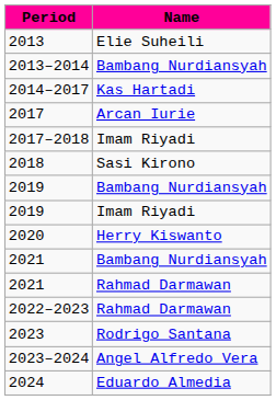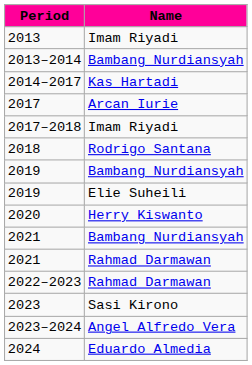 <table class="wikitable">
 <tr>
 <th style="background:#ff0099;"><span>Period</span></th>
 <th style="background:#ff0099"><span>Name</span></th>
 </tr>
 <tr>
 <td>2013</td>
-<td> Elie Suheili</td>
+<td> Imam Riyadi</td>
 </tr>
 <tr>
 <td>2013–2014</td>
 <td> <a href='#'>Bambang Nurdiansyah</a></td>
 </tr>
 <tr>
 <td>2014–2017</td>
 <td> <a href='#'>Kas Hartadi</a></td>
 </tr>
 <tr>
 <td>2017</td>
 <td> <a href='#'>Arcan Iurie</a></td>
 </tr>
 <tr>
 <td>2017–2018</td>
 <td> Imam Riyadi</td>
 </tr>
 <tr>
 <td>2018</td>
-<td> Sasi Kirono</td>
+<td> <a href='#'>Rodrigo Santana</a></td>
 </tr>
 <tr>
 <td>2019</td>
 <td> <a href='#'>Bambang Nurdiansyah</a></td>
 </tr>
 <tr>
 <td>2019</td>
-<td> Imam Riyadi</td>
+<td> Elie Suheili</td>
 </tr>
 <tr>
 <td>2020</td>
 <td> <a href='#'>Herry Kiswanto</a></td>
 </tr>
 <tr>
 <td>2021</td>
 <td> <a href='#'>Bambang Nurdiansyah</a></td>
 </tr>
 <tr>
 <td>2021</td>
 <td> <a href='#'>Rahmad Darmawan</a></td>
 </tr>
 <tr>
 <td>2022–2023</td>
 <td> <a href='#'>Rahmad Darmawan</a></td>
 </tr>
 <tr>
 <td>2023</td>
-<td> <a href='#'>Rodrigo Santana</a></td>
+<td> Sasi Kirono</td>
 </tr>
 <tr>
 <td>2023–2024</td>
 <td> <a href='#'>Angel Alfredo Vera</a></td>
 </tr>
 <tr>
 <td>2024</td>
 <td> <a href='#'>Eduardo Almedia</a></td>
 </tr>
 </table>
